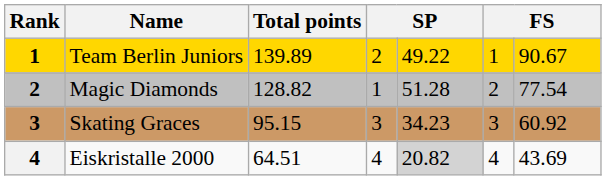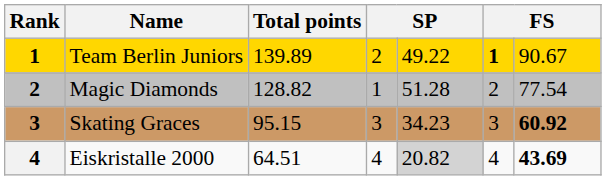 <table class="wikitable">
 <tr>
 <th>Rank</th>
 <th>Name</th>
 <th>Total points</th>
 <th colspan="2" width="80px">SP</th>
 <th colspan="2" width="80px">FS</th>
 </tr>
 <tr bgcolor="gold">
 <td align="center"><strong>1</strong></td>
 <td>Team Berlin Juniors</td>
 <td>139.89</td>
 <td>2</td>
 <td>49.22</td>
-<td>1</td>
+<td><strong>1</strong></td>
 <td>90.67</td>
 </tr>
 <tr bgcolor="silver">
 <td align="center"><strong>2</strong></td>
 <td>Magic Diamonds</td>
 <td>128.82</td>
 <td>1</td>
 <td>51.28</td>
 <td>2</td>
 <td>77.54</td>
 </tr>
 <tr bgcolor="cc9966">
 <td align="center"><strong>3</strong></td>
 <td>Skating Graces</td>
 <td>95.15</td>
 <td>3</td>
 <td>34.23</td>
 <td>3</td>
-<td>60.92</td>
+<td><strong>60.92</strong></td>
 </tr>
 <tr>
 <th>4</th>
 <td>Eiskristalle 2000</td>
 <td>64.51</td>
 <td>4</td>
 <td style="background: lightgrey;">20.82</td>
 <td>4</td>
-<td>43.69</td>
+<td><strong>43.69</strong></td>
 </tr>
 </table>
